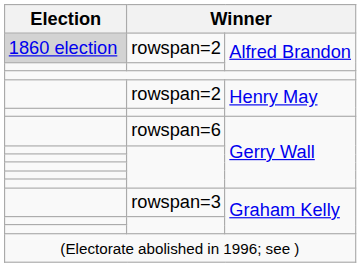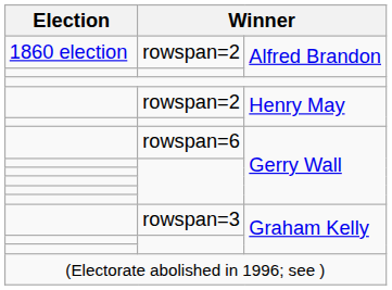 <table class=wikitable>
 <tr>
 <th width=100>Election</th>
 <th width=175 colspan=2>Winner</th>
 </tr>
 <tr>
-<td style="background: lightgrey;"><a href='#'>1860 election</a></td>
+<td><a href='#'>1860 election</a></td>
 <td>rowspan=2 </td>
 <td rowspan=2><a href='#'>Alfred Brandon</a></td>
 </tr>
 <tr>
 <td></td>
 </tr>
 <tr>
 <td colspan=3 align=center></td>
 </tr>
 <tr>
 <td></td>
 <td>rowspan=2 </td>
 <td rowspan=2><a href='#'>Henry May</a></td>
 </tr>
 <tr>
 <td></td>
 </tr>
 <tr>
 <td></td>
 <td>rowspan=6 </td>
 <td rowspan=6><a href='#'>Gerry Wall</a></td>
 </tr>
 <tr>
 <td></td>
 </tr>
 <tr>
 <td></td>
 </tr>
 <tr>
 <td></td>
 </tr>
 <tr>
 <td></td>
 </tr>
 <tr>
 <td></td>
 </tr>
 <tr>
 <td></td>
 <td>rowspan=3 </td>
 <td rowspan=3><a href='#'>Graham Kelly</a></td>
 </tr>
 <tr>
 <td></td>
 </tr>
 <tr>
 <td></td>
 </tr>
 <tr>
 <td colspan=3 align=center><small>(Electorate abolished in 1996; see )</small></td>
 </tr>
 </table>
